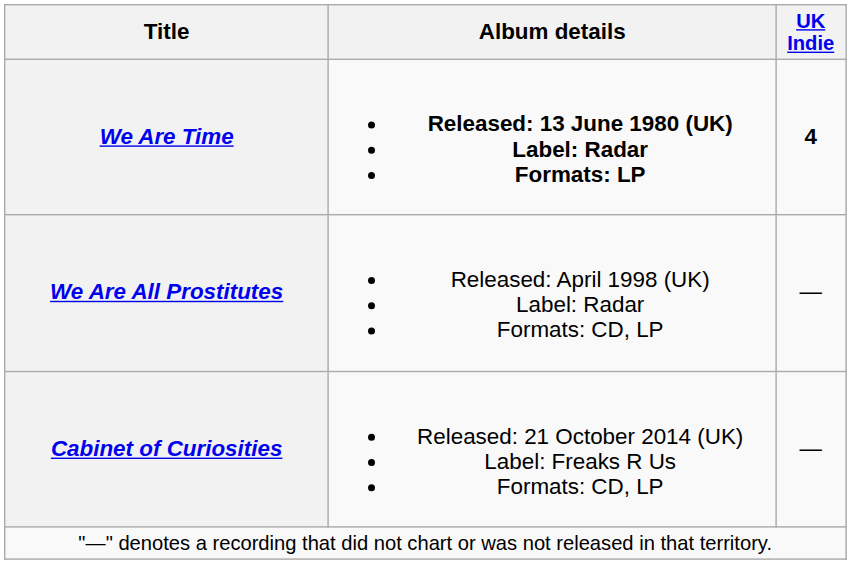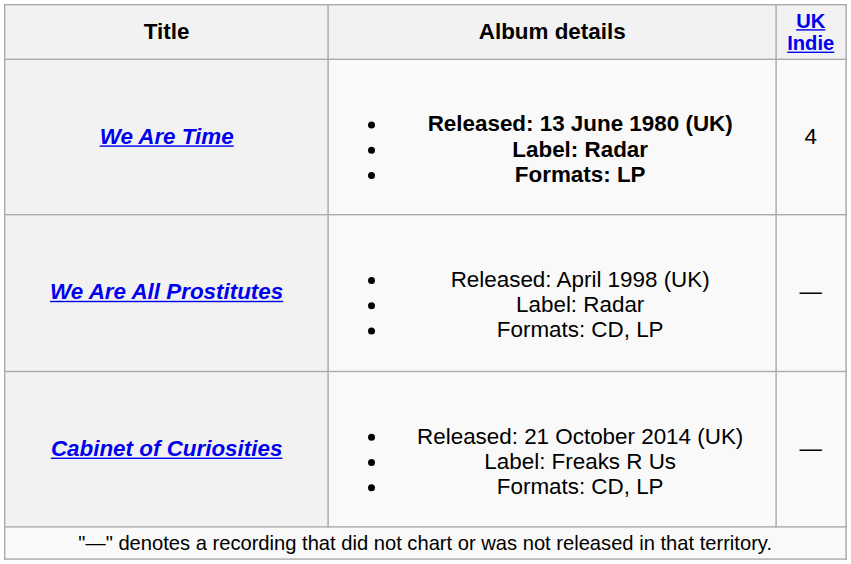 <table class="wikitable plainrowheaders" style="text-align:center;">
 <tr>
 <th scope="col" rowspan="1" style="width:14em;">Title</th>
 <th scope="col" rowspan="1" style="width:19.5em;">Album details</th>
 <th scope="col" rowspan="1" style="width:3em;font-size:90%;"><a href='#'>UK Indie</a><br></th>
 </tr>
 <tr>
 <th scope="row"><em><a href='#'>We Are Time</a></em></th>
 <td><strong><br><ul><li>Released: 13 June 1980 <span>(UK)</span></li><li>Label: Radar</li><li>Formats: LP</li></ul></strong></td>
-<td><strong>4</strong></td>
+<td>4</td>
 </tr>
 <tr>
 <th scope="row"><em><a href='#'>We Are All Prostitutes</a></em></th>
 <td><br><ul><li>Released: April 1998 <span>(UK)</span></li><li>Label: Radar</li><li>Formats: CD, LP</li></ul></td>
 <td>—</td>
 </tr>
 <tr>
 <th scope="row"><em><a href='#'>Cabinet of Curiosities</a></em></th>
 <td><br><ul><li>Released: 21 October 2014 <span>(UK)</span></li><li>Label: Freaks R Us</li><li>Formats: CD, LP</li></ul></td>
 <td>—</td>
 </tr>
 <tr>
 <td colspan="6" style="font-size:90%">"—" denotes a recording that did not chart or was not released in that territory.</td>
 </tr>
 </table>
